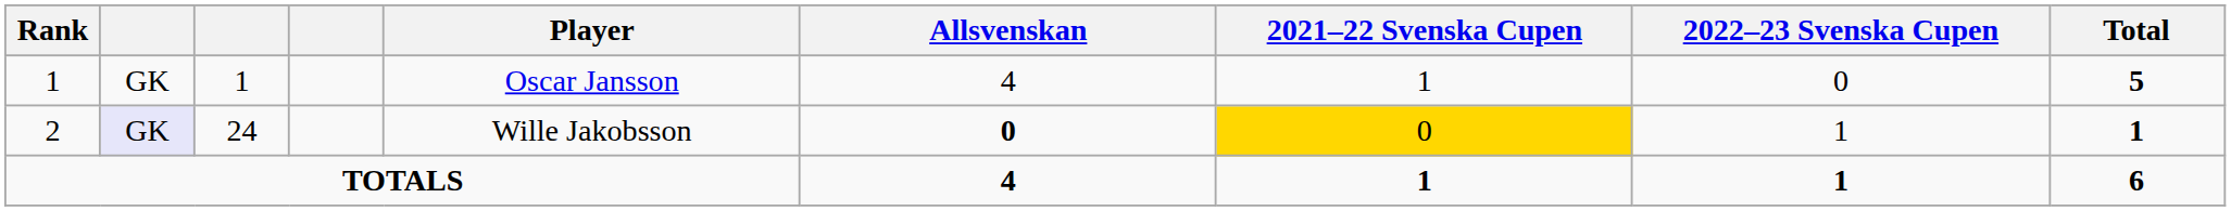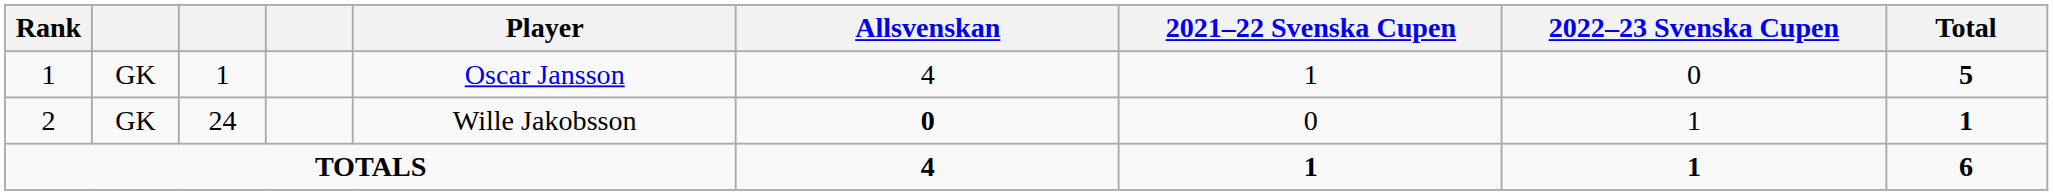 <table class="wikitable" style="font-size: 95%; text-align: center;">
 <tr>
 <th width=40>Rank</th>
 <th width=40></th>
 <th width=40></th>
 <th width=40></th>
 <th width=200>Player</th>
 <th width=200><a href='#'>Allsvenskan</a></th>
 <th width=200><a href='#'>2021–22 Svenska Cupen</a></th>
 <th width=200><a href='#'>2022–23 Svenska Cupen</a></th>
 <th width=80><strong>Total</strong></th>
 </tr>
 <tr>
 <td>1</td>
 <td>GK</td>
 <td>1</td>
 <td></td>
 <td><a href='#'>Oscar Jansson</a></td>
 <td>4</td>
 <td>1</td>
 <td>0</td>
 <td><strong>5</strong></td>
 </tr>
 <tr>
 <td>2</td>
-<td style="background: lavender;">GK</td>
+<td>GK</td>
 <td>24</td>
 <td></td>
 <td>Wille Jakobsson</td>
 <td><strong>0</strong></td>
-<td style="background: gold;">0</td>
+<td>0</td>
 <td>1</td>
 <td><strong>1</strong></td>
 </tr>
 <tr>
 <td colspan="5"><strong>TOTALS</strong></td>
 <td><strong>4</strong></td>
 <td><strong>1</strong></td>
 <td><strong>1</strong></td>
 <td><strong>6</strong></td>
 </tr>
 </table>
